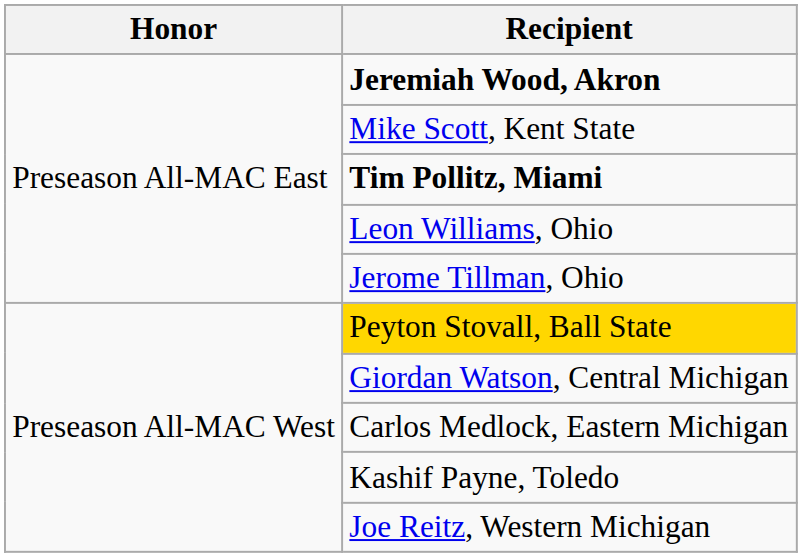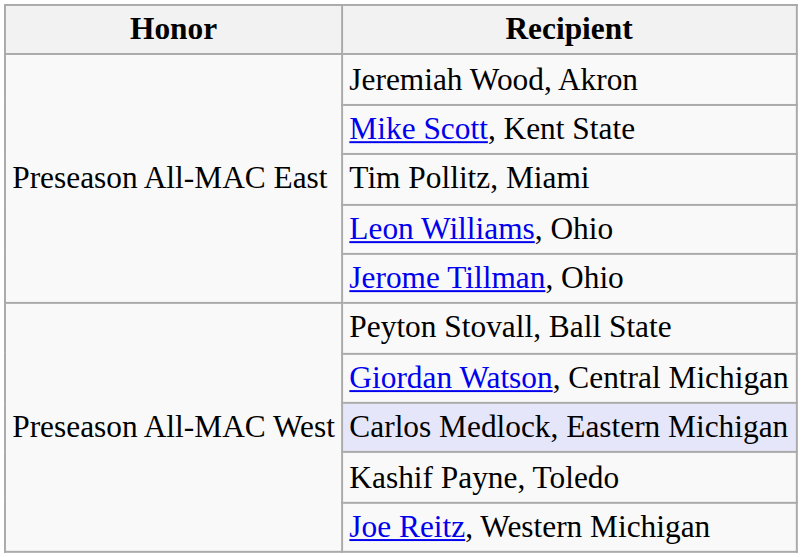 <table class="wikitable" border="1">
 <tr>
 <th>Honor</th>
 <th>Recipient</th>
 </tr>
 <tr>
 <td rowspan=5 valign=middle>Preseason All-MAC East</td>
-<td><strong>Jeremiah Wood, Akron</strong></td>
+<td>Jeremiah Wood, Akron</td>
 </tr>
 <tr>
 <td><a href='#'>Mike Scott</a>, Kent State</td>
 </tr>
 <tr>
-<td><strong>Tim Pollitz, Miami</strong></td>
+<td>Tim Pollitz, Miami</td>
 </tr>
 <tr>
 <td><a href='#'>Leon Williams</a>, Ohio</td>
 </tr>
 <tr>
 <td><a href='#'>Jerome Tillman</a>, Ohio</td>
 </tr>
 <tr>
 <td rowspan=6 valign=middle>Preseason All-MAC West</td>
-<td style="background: gold;">Peyton Stovall, Ball State</td>
+<td>Peyton Stovall, Ball State</td>
 </tr>
 <tr>
 <td><a href='#'>Giordan Watson</a>, Central Michigan</td>
 </tr>
 <tr>
-<td>Carlos Medlock, Eastern Michigan</td>
+<td style="background: lavender;">Carlos Medlock, Eastern Michigan</td>
 </tr>
 <tr>
 <td>Kashif Payne, Toledo</td>
 </tr>
 <tr>
 <td><a href='#'>Joe Reitz</a>, Western Michigan</td>
 </tr>
 </table>
